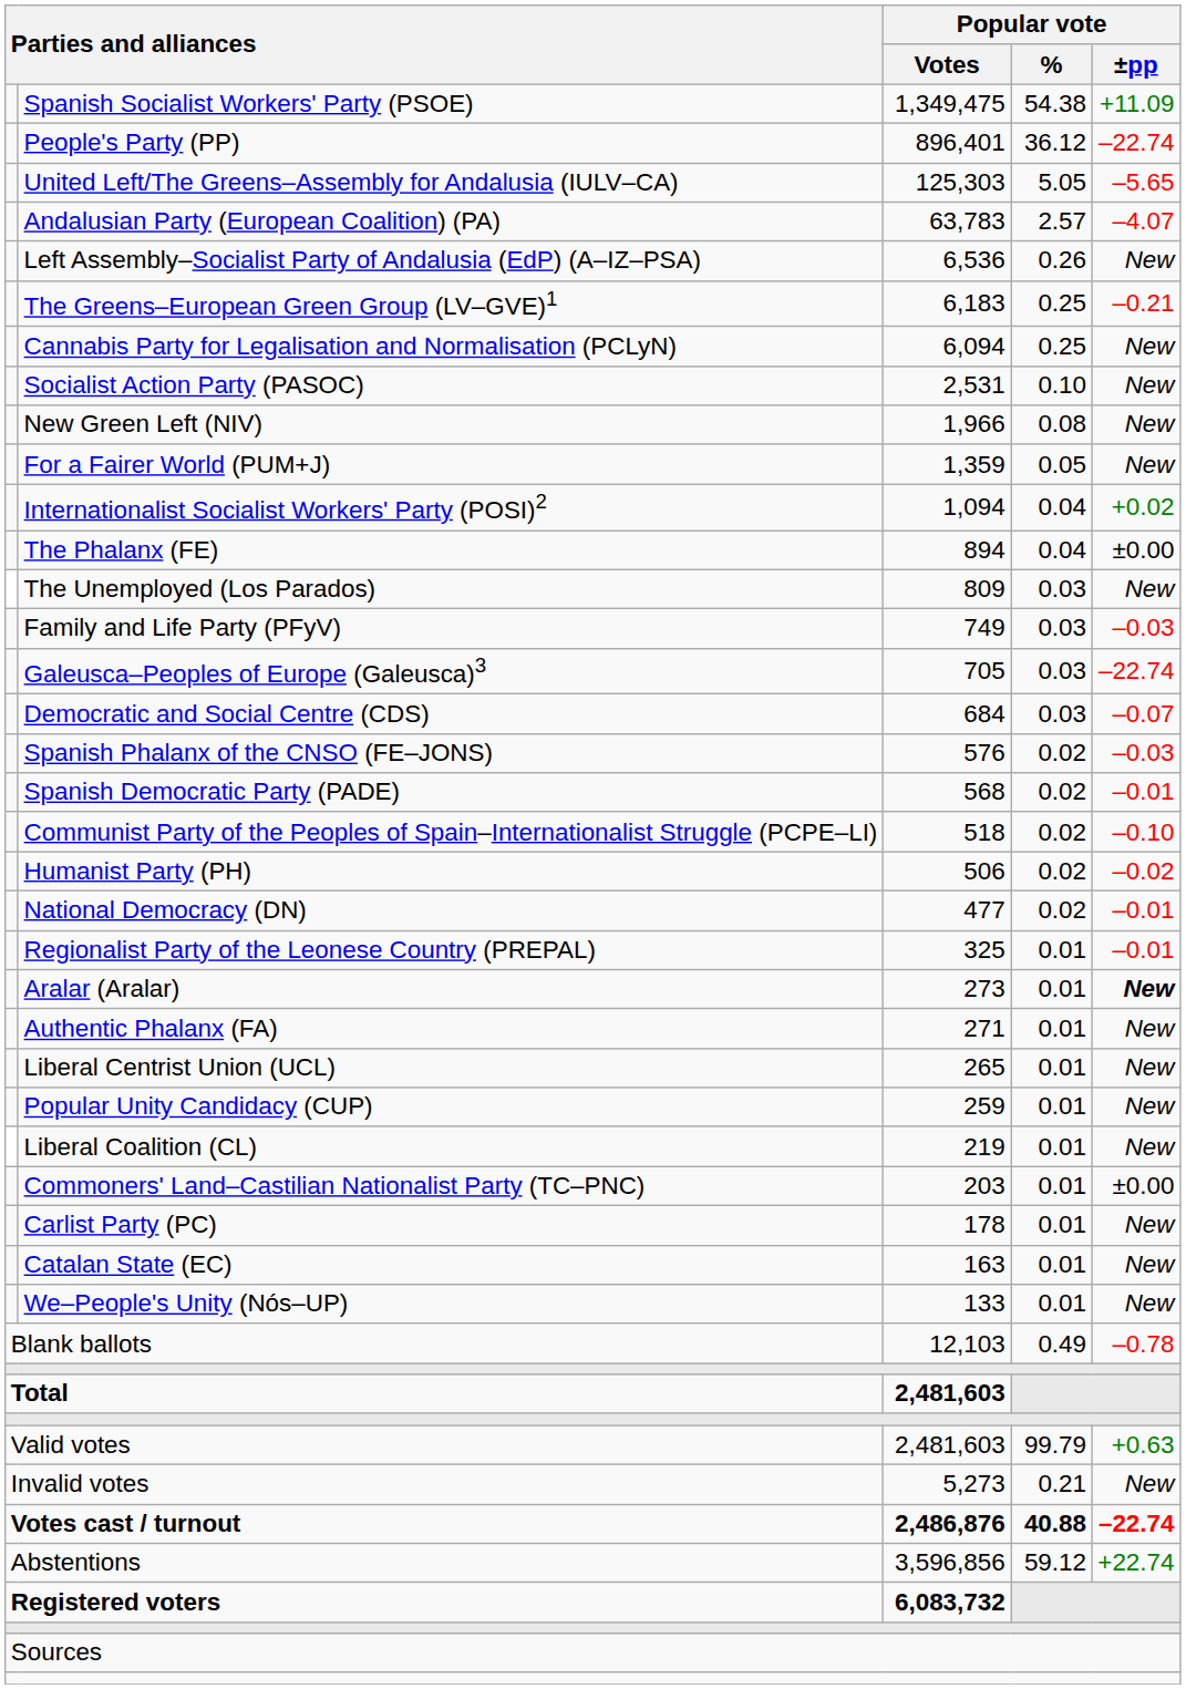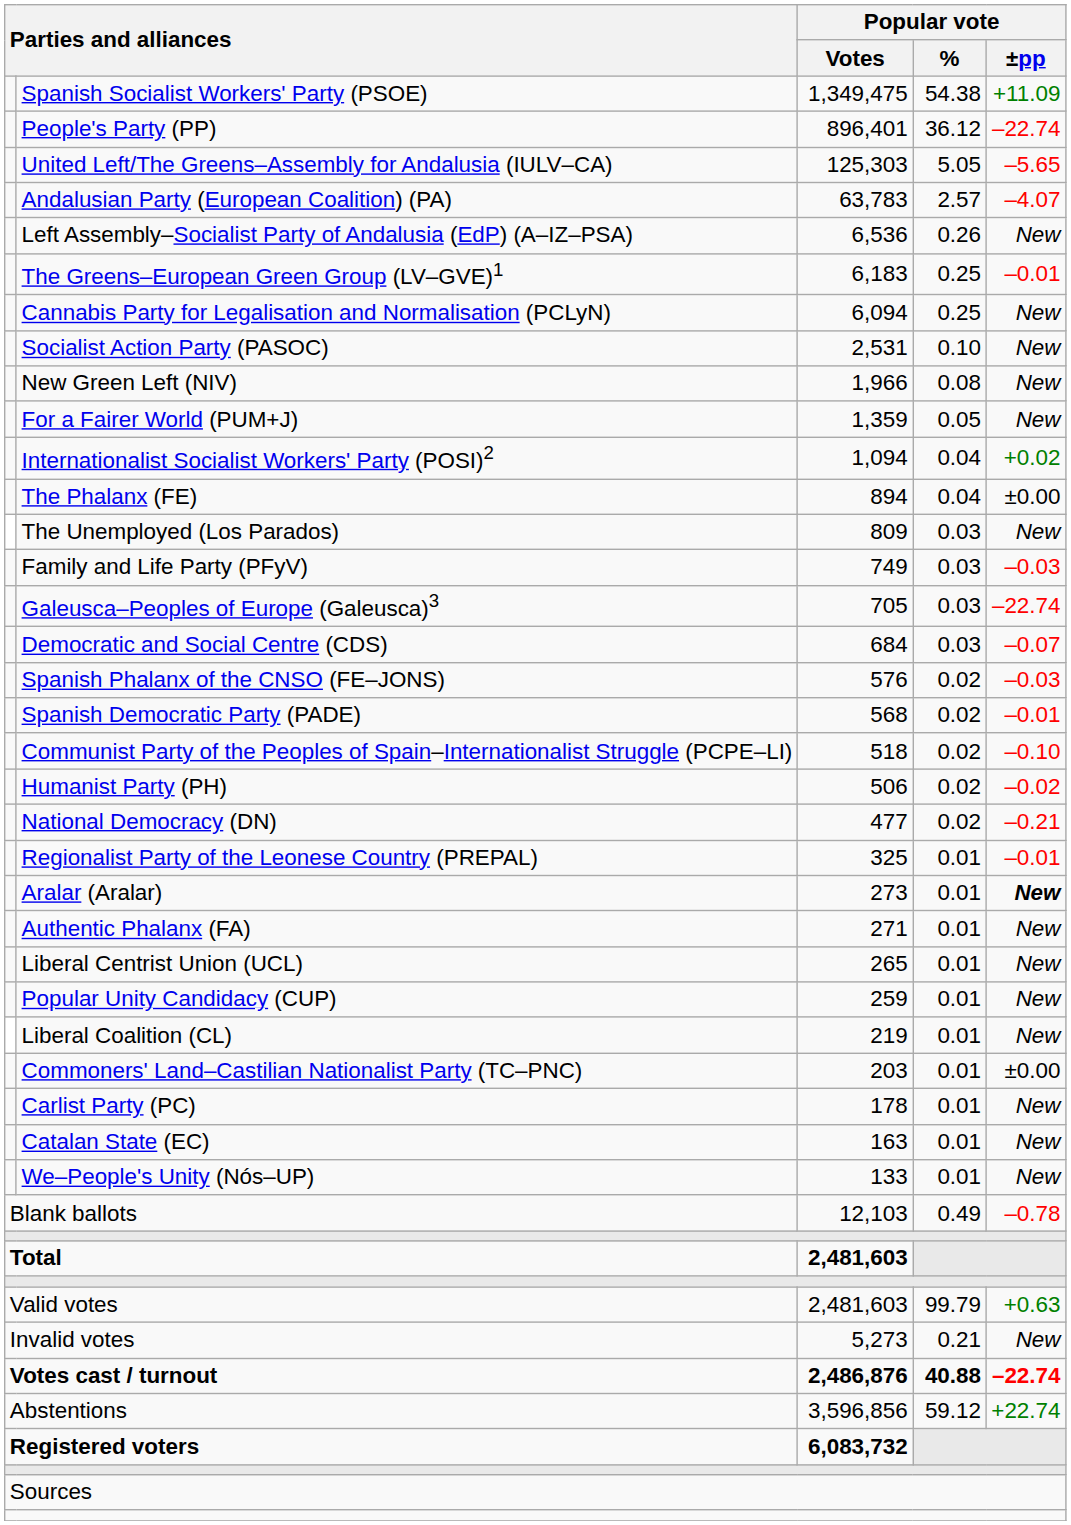 <table class="wikitable" style="text-align:right">
 <tr>
 <th style="text-align:left;" rowspan="2" colspan="2" width="525">Parties and alliances</th>
 <th colspan="3">Popular vote</th>
 </tr>
 <tr>
 <th width="75">Votes</th>
 <th width="45">%</th>
 <th width="45">±<a href='#'>pp</a></th>
 </tr>
 <tr>
 <td width="1" style="color:inherit;background:"></td>
 <td align="left"><a href='#'>Spanish Socialist Workers' Party</a> (PSOE)</td>
 <td>1,349,475</td>
 <td>54.38</td>
 <td style="color:green;">+11.09</td>
 </tr>
 <tr>
 <td style="color:inherit;background:"></td>
 <td align="left"><a href='#'>People's Party</a> (PP)</td>
 <td>896,401</td>
 <td>36.12</td>
 <td style="color:red;">–22.74</td>
 </tr>
 <tr>
 <td style="color:inherit;background:"></td>
 <td align="left"><a href='#'>United Left/The Greens–Assembly for Andalusia</a> (IULV–CA)</td>
 <td>125,303</td>
 <td>5.05</td>
 <td style="color:red;">–5.65</td>
 </tr>
 <tr>
 <td style="color:inherit;background:"></td>
 <td align="left"><a href='#'>Andalusian Party</a> (<a href='#'>European Coalition</a>) (PA)</td>
 <td>63,783</td>
 <td>2.57</td>
 <td style="color:red;">–4.07</td>
 </tr>
 <tr>
 <td style="color:inherit;background:"></td>
 <td align="left">Left Assembly–<a href='#'>Socialist Party of Andalusia</a> (<a href='#'>EdP</a>) (A–IZ–PSA)</td>
 <td>6,536</td>
 <td>0.26</td>
 <td><em>New</em></td>
 </tr>
 <tr>
 <td style="color:inherit;background:"></td>
 <td align="left"><a href='#'>The Greens–European Green Group</a> (LV–GVE)<sup>1</sup></td>
 <td>6,183</td>
 <td>0.25</td>
-<td style="color:red;">–0.21</td>
+<td style="color:red;">–0.01</td>
 </tr>
 <tr>
 <td style="color:inherit;background:"></td>
 <td align="left"><a href='#'>Cannabis Party for Legalisation and Normalisation</a> (PCLyN)</td>
 <td>6,094</td>
 <td>0.25</td>
 <td><em>New</em></td>
 </tr>
 <tr>
 <td style="color:inherit;background:"></td>
 <td align="left"><a href='#'>Socialist Action Party</a> (PASOC)</td>
 <td>2,531</td>
 <td>0.10</td>
 <td><em>New</em></td>
 </tr>
 <tr>
 <td style="color:inherit;background:"></td>
 <td align="left">New Green Left (NIV)</td>
 <td>1,966</td>
 <td>0.08</td>
 <td><em>New</em></td>
 </tr>
 <tr>
 <td style="color:inherit;background:"></td>
 <td align="left"><a href='#'>For a Fairer World</a> (PUM+J)</td>
 <td>1,359</td>
 <td>0.05</td>
 <td><em>New</em></td>
 </tr>
 <tr>
 <td style="color:inherit;background:"></td>
 <td align="left"><a href='#'>Internationalist Socialist Workers' Party</a> (POSI)<sup>2</sup></td>
 <td>1,094</td>
 <td>0.04</td>
 <td style="color:green;">+0.02</td>
 </tr>
 <tr>
 <td style="color:inherit;background:"></td>
 <td align="left"><a href='#'>The Phalanx</a> (FE)</td>
 <td>894</td>
 <td>0.04</td>
 <td>±0.00</td>
 </tr>
 <tr>
 <td bgcolor="white"></td>
 <td align="left">The Unemployed (Los Parados)</td>
 <td>809</td>
 <td>0.03</td>
 <td><em>New</em></td>
 </tr>
 <tr>
 <td style="color:inherit;background:"></td>
 <td align="left">Family and Life Party (PFyV)</td>
 <td>749</td>
 <td>0.03</td>
 <td style="color:red;">–0.03</td>
 </tr>
 <tr>
 <td style="color:inherit;background:"></td>
 <td align="left"><a href='#'>Galeusca–Peoples of Europe</a> (Galeusca)<sup>3</sup></td>
 <td>705</td>
 <td>0.03</td>
 <td style="color:red;">–22.74</td>
 </tr>
 <tr>
 <td style="color:inherit;background:"></td>
 <td align="left"><a href='#'>Democratic and Social Centre</a> (CDS)</td>
 <td>684</td>
 <td>0.03</td>
 <td style="color:red;">–0.07</td>
 </tr>
 <tr>
 <td style="color:inherit;background:"></td>
 <td align="left"><a href='#'>Spanish Phalanx of the CNSO</a> (FE–JONS)</td>
 <td>576</td>
 <td>0.02</td>
 <td style="color:red;">–0.03</td>
 </tr>
 <tr>
 <td style="color:inherit;background:"></td>
 <td align="left"><a href='#'>Spanish Democratic Party</a> (PADE)</td>
 <td>568</td>
 <td>0.02</td>
 <td style="color:red;">–0.01</td>
 </tr>
 <tr>
 <td style="color:inherit;background:"></td>
 <td align="left"><a href='#'>Communist Party of the Peoples of Spain</a>–<a href='#'>Internationalist Struggle</a> (PCPE–LI)</td>
 <td>518</td>
 <td>0.02</td>
 <td style="color:red;">–0.10</td>
 </tr>
 <tr>
 <td style="color:inherit;background:"></td>
 <td align="left"><a href='#'>Humanist Party</a> (PH)</td>
 <td>506</td>
 <td>0.02</td>
 <td style="color:red;">–0.02</td>
 </tr>
 <tr>
 <td style="color:inherit;background:"></td>
 <td align="left"><a href='#'>National Democracy</a> (DN)</td>
 <td>477</td>
 <td>0.02</td>
-<td style="color:red;">–0.01</td>
+<td style="color:red;">–0.21</td>
 </tr>
 <tr>
 <td style="color:inherit;background:"></td>
 <td align="left"><a href='#'>Regionalist Party of the Leonese Country</a> (PREPAL)</td>
 <td>325</td>
 <td>0.01</td>
 <td style="color:red;">–0.01</td>
 </tr>
 <tr>
 <td style="color:inherit;background:"></td>
 <td align="left"><a href='#'>Aralar</a> (Aralar)</td>
 <td>273</td>
 <td>0.01</td>
 <td><strong><em>New</em></strong></td>
 </tr>
 <tr>
 <td style="color:inherit;background:"></td>
 <td align="left"><a href='#'>Authentic Phalanx</a> (FA)</td>
 <td>271</td>
 <td>0.01</td>
 <td><em>New</em></td>
 </tr>
 <tr>
 <td style="color:inherit;background:"></td>
 <td align="left">Liberal Centrist Union (UCL)</td>
 <td>265</td>
 <td>0.01</td>
 <td><em>New</em></td>
 </tr>
 <tr>
 <td style="color:inherit;background:"></td>
 <td align="left"><a href='#'>Popular Unity Candidacy</a> (CUP)</td>
 <td>259</td>
 <td>0.01</td>
 <td><em>New</em></td>
 </tr>
 <tr>
 <td bgcolor="white"></td>
 <td align="left">Liberal Coalition (CL)</td>
 <td>219</td>
 <td>0.01</td>
 <td><em>New</em></td>
 </tr>
 <tr>
 <td style="color:inherit;background:"></td>
 <td align="left"><a href='#'>Commoners' Land–Castilian Nationalist Party</a> (TC–PNC)</td>
 <td>203</td>
 <td>0.01</td>
 <td>±0.00</td>
 </tr>
 <tr>
 <td style="color:inherit;background:"></td>
 <td align="left"><a href='#'>Carlist Party</a> (PC)</td>
 <td>178</td>
 <td>0.01</td>
 <td><em>New</em></td>
 </tr>
 <tr>
 <td style="color:inherit;background:"></td>
 <td align="left"><a href='#'>Catalan State</a> (EC)</td>
 <td>163</td>
 <td>0.01</td>
 <td><em>New</em></td>
 </tr>
 <tr>
 <td style="color:inherit;background:"></td>
 <td align="left"><a href='#'>We–People's Unity</a> (Nós–UP)</td>
 <td>133</td>
 <td>0.01</td>
 <td><em>New</em></td>
 </tr>
 <tr>
 <td align="left" colspan="2">Blank ballots</td>
 <td>12,103</td>
 <td>0.49</td>
 <td style="color:red;">–0.78</td>
 </tr>
 <tr>
 <td colspan="5" bgcolor="#E9E9E9"></td>
 </tr>
 <tr style="font-weight:bold;">
 <td align="left" colspan="2">Total</td>
 <td>2,481,603</td>
 <td bgcolor="#E9E9E9" colspan="2"></td>
 </tr>
 <tr>
 <td colspan="5" bgcolor="#E9E9E9"></td>
 </tr>
 <tr>
 <td align="left" colspan="2">Valid votes</td>
 <td>2,481,603</td>
 <td>99.79</td>
 <td style="color:green;">+0.63</td>
 </tr>
 <tr>
 <td align="left" colspan="2">Invalid votes</td>
 <td>5,273</td>
 <td>0.21</td>
 <td><em>New</em></td>
 </tr>
 <tr style="font-weight:bold;">
 <td align="left" colspan="2">Votes cast / turnout</td>
 <td>2,486,876</td>
 <td>40.88</td>
 <td style="color:red;">–22.74</td>
 </tr>
 <tr>
 <td align="left" colspan="2">Abstentions</td>
 <td>3,596,856</td>
 <td>59.12</td>
 <td style="color:green;">+22.74</td>
 </tr>
 <tr style="font-weight:bold;">
 <td align="left" colspan="2">Registered voters</td>
 <td>6,083,732</td>
 <td bgcolor="#E9E9E9" colspan="2"></td>
 </tr>
 <tr>
 <td colspan="5" bgcolor="#E9E9E9"></td>
 </tr>
 <tr>
 <td align="left" colspan="5">Sources</td>
 </tr>
 <tr>
 <td colspan="5" style="text-align:left; max-width:680px;"></td>
 </tr>
 </table>
